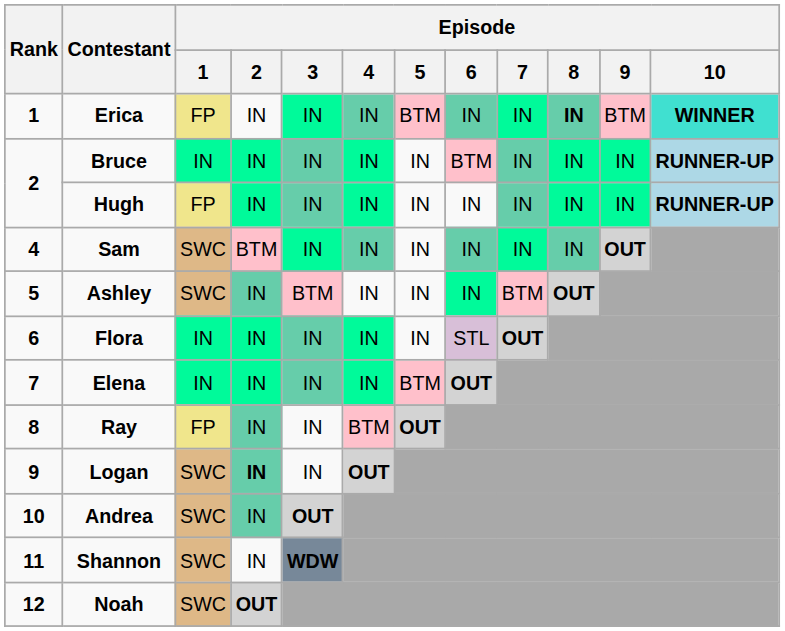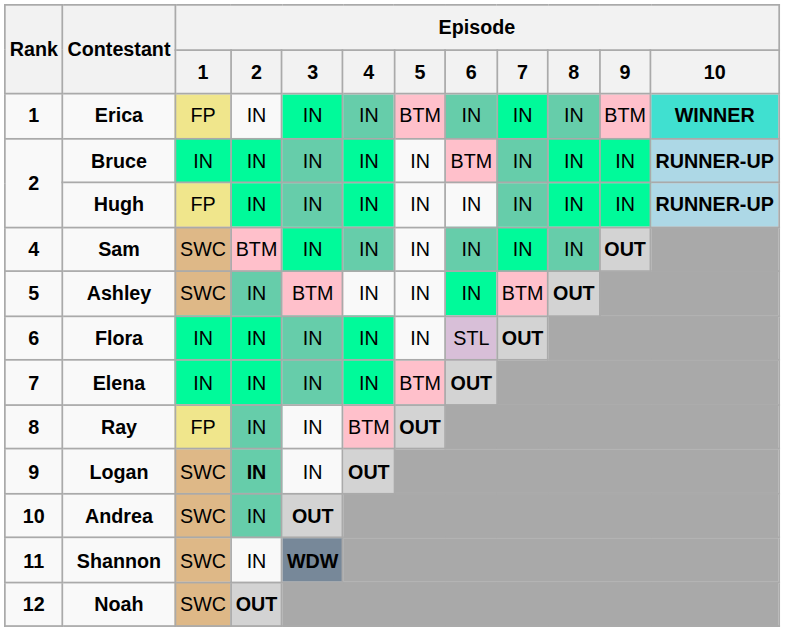 <table class="wikitable" style="text-align: center; font-size: 8.5pt; line-height:20px;">
 <tr>
 <th rowspan=2>Rank</th>
 <th rowspan=2>Contestant</th>
 <th colspan=10>Episode</th>
 </tr>
 <tr>
 <th>1</th>
 <th>2</th>
 <th>3</th>
 <th>4</th>
 <th>5</th>
 <th>6</th>
 <th>7</th>
 <th>8</th>
 <th>9</th>
 <th>10</th>
 </tr>
 <tr>
 <td><strong>1</strong></td>
 <td><strong>Erica</strong></td>
 <td style="background:#F0E68C;">FP</td>
 <td>IN</td>
 <td style="background:#00FA9A;">IN</td>
 <td style="background:#66CDAA;">IN</td>
 <td style="background:pink;">BTM</td>
 <td style="background:#66CDAA;">IN</td>
 <td style="background:#00FA9A;">IN</td>
-<td style="background:#66CDAA;"><strong>IN</strong></td>
+<td style="background:#66CDAA;">IN</td>
 <td style="background:pink;">BTM</td>
 <td style="background:turquoise"><strong>WINNER</strong></td>
 </tr>
 <tr>
 <td rowspan="2"><strong>2</strong></td>
 <td><strong>Bruce</strong></td>
 <td style="background:#00FA9A;">IN</td>
 <td style="background:#00FA9A;">IN</td>
 <td style="background:#66CDAA;">IN</td>
 <td style="background:#00FA9A;">IN</td>
 <td>IN</td>
 <td style="background:pink;">BTM</td>
 <td style="background:#66CDAA;">IN</td>
 <td style="background:#00FA9A;">IN</td>
 <td style="background:#00FA9A;">IN</td>
 <td style="background:lightblue"><strong>RUNNER-UP</strong></td>
 </tr>
 <tr>
 <td><strong>Hugh</strong></td>
 <td style="background:#F0E68C;">FP</td>
 <td style="background:#00FA9A;">IN</td>
 <td style="background:#66CDAA;">IN</td>
 <td style="background:#00FA9A;">IN</td>
 <td>IN</td>
 <td>IN</td>
 <td style="background:#66CDAA;">IN</td>
 <td style="background:#00FA9A;">IN</td>
 <td style="background:#00FA9A;">IN</td>
 <td style="background:lightblue"><strong>RUNNER-UP</strong></td>
 </tr>
 <tr>
 <td><strong>4</strong></td>
 <td><strong>Sam</strong></td>
 <td style="background:#DEB887;">SWC</td>
 <td style="background:pink;">BTM</td>
 <td style="background:#00FA9A;">IN</td>
 <td style="background:#66CDAA;">IN</td>
 <td>IN</td>
 <td style="background:#66CDAA;">IN</td>
 <td style="background:#00FA9A;">IN</td>
 <td style="background:#66CDAA;">IN</td>
 <td style="background:lightgray;"><strong>OUT</strong></td>
 <td colspan="7" style="background:darkgrey;"></td>
 </tr>
 <tr>
 <td><strong>5</strong></td>
 <td><strong>Ashley</strong></td>
 <td style="background:#DEB887;">SWC</td>
 <td style="background:#66CDAA;">IN</td>
 <td style="background:pink;">BTM</td>
 <td>IN</td>
 <td>IN</td>
 <td style="background:#00FA9A;">IN</td>
 <td style="background:pink;">BTM</td>
 <td style="background:lightgray;"><strong>OUT</strong></td>
 <td colspan="7" style="background:darkgrey;"></td>
 </tr>
 <tr>
 <td><strong>6</strong></td>
 <td><strong>Flora</strong></td>
 <td style="background:#00FA9A;">IN</td>
 <td style="background:#00FA9A;">IN</td>
 <td style="background:#66CDAA;">IN</td>
 <td style="background:#00FA9A;">IN</td>
 <td>IN</td>
 <td style="background:#D8BFD8;">STL</td>
 <td style="background:lightgray;"><strong>OUT</strong></td>
 <td colspan="7" style="background:darkgrey;"></td>
 </tr>
 <tr>
 <td><strong>7</strong></td>
 <td><strong>Elena</strong></td>
 <td style="background:#00FA9A;">IN</td>
 <td style="background:#00FA9A;">IN</td>
 <td style="background:#66CDAA;">IN</td>
 <td style="background:#00FA9A;">IN</td>
 <td style="background:pink;">BTM</td>
 <td style="background:lightgray;"><strong>OUT</strong></td>
 <td colspan="7" style="background:darkgrey;"></td>
 </tr>
 <tr>
 <td><strong>8</strong></td>
 <td><strong>Ray</strong></td>
 <td style="background:#F0E68C;">FP</td>
 <td style="background:#66CDAA;">IN</td>
 <td>IN</td>
 <td style="background:pink;">BTM</td>
 <td style="background:lightgray;"><strong>OUT</strong></td>
 <td colspan="7" style="background:darkgrey;"></td>
 </tr>
 <tr>
 <td><strong>9</strong></td>
 <td><strong>Logan</strong></td>
 <td style="background:#DEB887;">SWC</td>
 <td style="background:#66CDAA;"><strong>IN</strong></td>
 <td>IN</td>
 <td style="background:lightgray;"><strong>OUT</strong></td>
 <td colspan="7" style="background:darkgrey;"></td>
 </tr>
 <tr>
 <td><strong>10</strong></td>
 <td><strong>Andrea</strong></td>
 <td style="background:#DEB887;">SWC</td>
 <td style="background:#66CDAA;">IN</td>
 <td style="background:lightgray;"><strong>OUT</strong></td>
 <td colspan="7" style="background:darkgrey;"></td>
 </tr>
 <tr>
 <td><strong>11</strong></td>
 <td><strong>Shannon</strong></td>
 <td style="background:#DEB887;">SWC</td>
 <td>IN</td>
 <td style="background:lightslategray;"><strong>WDW</strong></td>
 <td colspan="7" style="background:darkgrey;"></td>
 </tr>
 <tr>
 <td><strong>12</strong></td>
 <td><strong>Noah</strong></td>
 <td style="background:#DEB887;">SWC</td>
 <td style="background:lightgray;"><strong>OUT</strong></td>
 <td colspan="8" style="background:darkgrey;"></td>
 </tr>
 </table>
